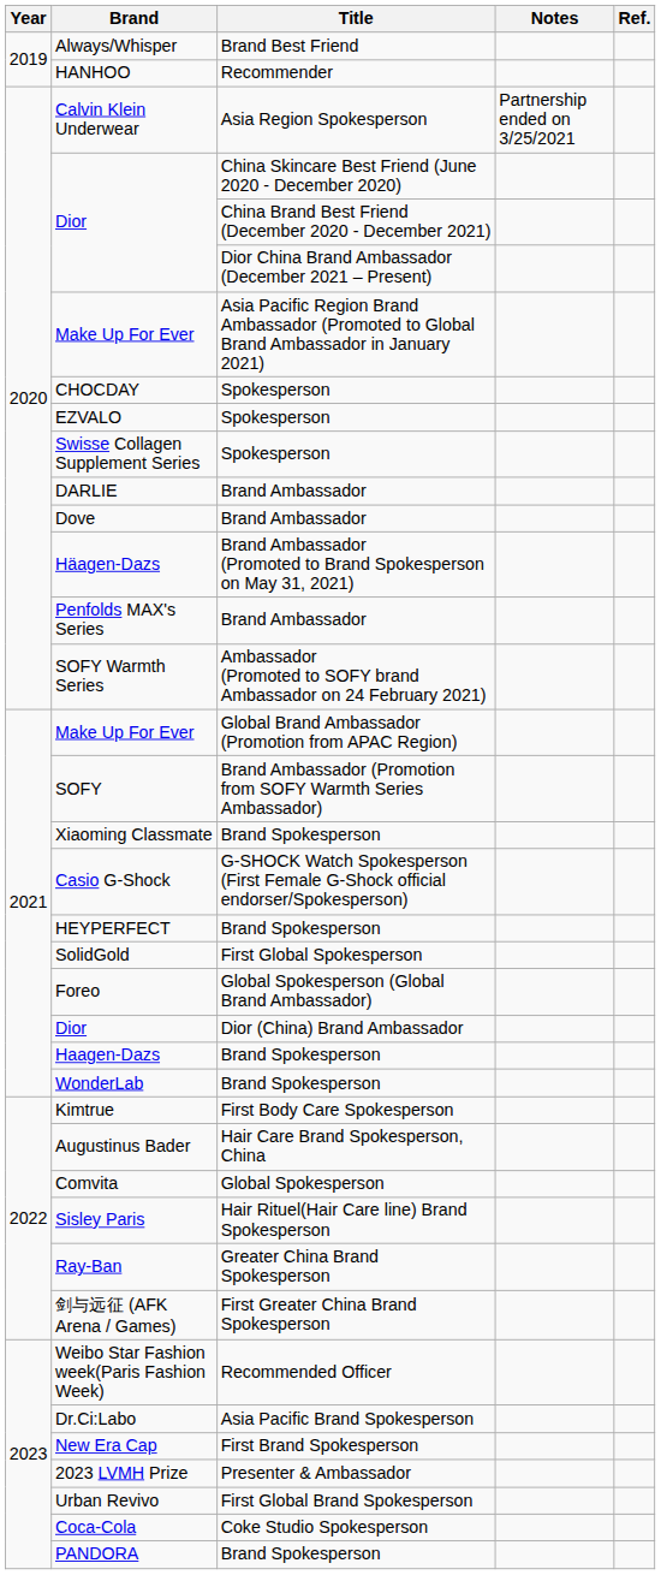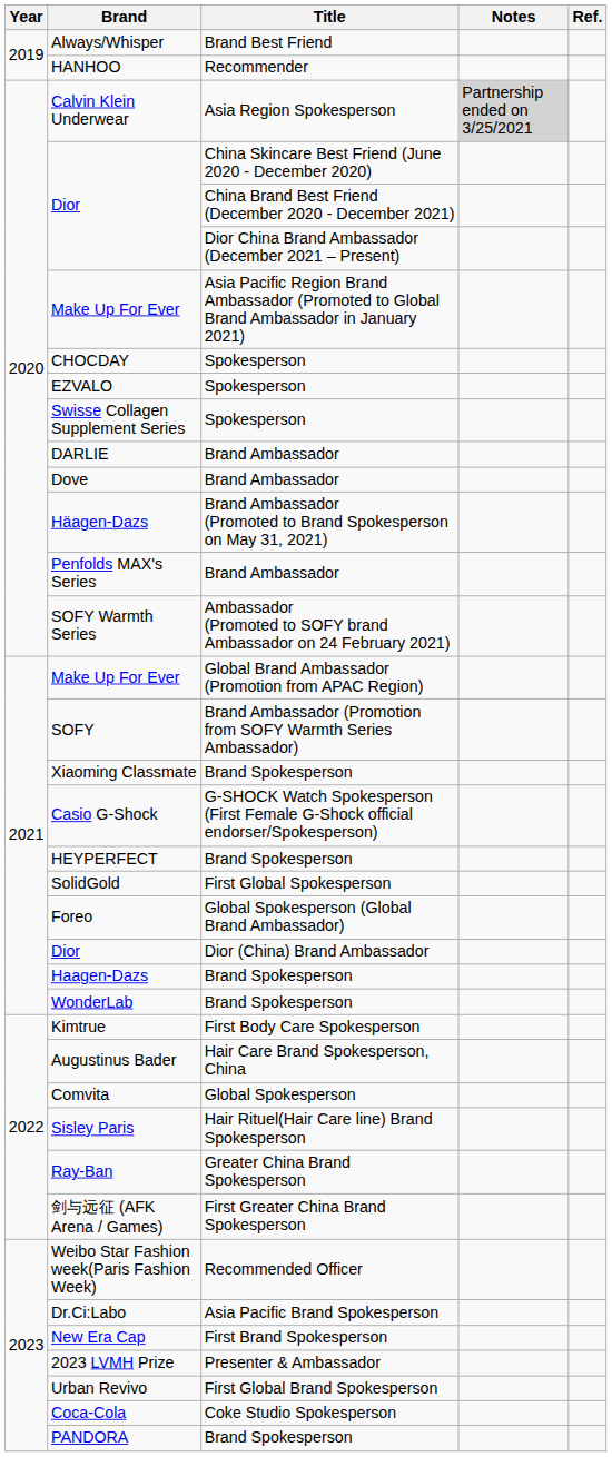 <table class="wikitable">
 <tr>
 <th>Year</th>
 <th>Brand</th>
 <th>Title</th>
 <th>Notes</th>
 <th>Ref.</th>
 </tr>
 <tr>
 <td rowspan="2">2019</td>
 <td>Always/Whisper</td>
 <td>Brand Best Friend</td>
 <td></td>
 <td></td>
 </tr>
 <tr>
 <td>HANHOO</td>
 <td>Recommender</td>
 <td></td>
 <td></td>
 </tr>
 <tr>
 <td rowspan="13">2020</td>
 <td><a href='#'>Calvin Klein</a> Underwear</td>
 <td>Asia Region Spokesperson</td>
-<td>Partnership ended on 3/25/2021</td>
+<td style="background: lightgrey;">Partnership ended on 3/25/2021</td>
 <td></td>
 </tr>
 <tr>
 <td rowspan="3"><a href='#'>Dior</a></td>
 <td>China Skincare Best Friend (June 2020 - December 2020)</td>
 <td></td>
 <td></td>
 </tr>
 <tr>
 <td>China Brand Best Friend (December 2020 - December 2021)</td>
 <td></td>
 <td></td>
 </tr>
 <tr>
 <td>Dior China Brand Ambassador<br>(December 2021 – Present)</td>
 <td></td>
 <td></td>
 </tr>
 <tr>
 <td><a href='#'>Make Up For Ever</a></td>
 <td>Asia Pacific Region Brand Ambassador (Promoted to Global Brand Ambassador in January 2021)</td>
 <td></td>
 <td></td>
 </tr>
 <tr>
 <td>CHOCDAY</td>
 <td>Spokesperson</td>
 <td></td>
 <td></td>
 </tr>
 <tr>
 <td>EZVALO</td>
 <td>Spokesperson</td>
 <td></td>
 <td></td>
 </tr>
 <tr>
 <td><a href='#'>Swisse</a> Collagen Supplement Series</td>
 <td>Spokesperson</td>
 <td></td>
 <td></td>
 </tr>
 <tr>
 <td>DARLIE</td>
 <td>Brand Ambassador</td>
 <td></td>
 <td></td>
 </tr>
 <tr>
 <td>Dove</td>
 <td>Brand Ambassador</td>
 <td></td>
 <td></td>
 </tr>
 <tr>
 <td><a href='#'>Häagen-Dazs</a></td>
 <td>Brand Ambassador<br>(Promoted to Brand Spokesperson on May 31, 2021)</td>
 <td></td>
 <td></td>
 </tr>
 <tr>
 <td><a href='#'>Penfolds</a> MAX's Series</td>
 <td>Brand Ambassador</td>
 <td></td>
 <td></td>
 </tr>
 <tr>
 <td>SOFY Warmth Series</td>
 <td>Ambassador<br>(Promoted to SOFY brand Ambassador on 24 February 2021)</td>
 <td></td>
 <td></td>
 </tr>
 <tr>
 <td rowspan= "10">2021</td>
 <td><a href='#'>Make Up For Ever</a></td>
 <td>Global Brand Ambassador (Promotion from APAC Region)</td>
 <td></td>
 <td></td>
 </tr>
 <tr>
 <td>SOFY</td>
 <td>Brand Ambassador (Promotion from SOFY Warmth Series Ambassador)</td>
 <td></td>
 <td></td>
 </tr>
 <tr>
 <td>Xiaoming Classmate</td>
 <td>Brand Spokesperson</td>
 <td></td>
 <td></td>
 </tr>
 <tr>
 <td><a href='#'>Casio</a> G-Shock</td>
 <td>G-SHOCK Watch Spokesperson (First Female G-Shock official endorser/Spokesperson)</td>
 <td></td>
 <td></td>
 </tr>
 <tr>
 <td>HEYPERFECT</td>
 <td>Brand Spokesperson</td>
 <td></td>
 <td></td>
 </tr>
 <tr>
 <td>SolidGold</td>
 <td>First Global Spokesperson</td>
 <td></td>
 <td></td>
 </tr>
 <tr>
 <td>Foreo</td>
 <td>Global Spokesperson (Global Brand Ambassador)</td>
 <td></td>
 <td></td>
 </tr>
 <tr>
 <td><a href='#'>Dior</a></td>
 <td>Dior (China) Brand Ambassador</td>
 <td></td>
 <td></td>
 </tr>
 <tr>
 <td><a href='#'>Haagen-Dazs</a></td>
 <td>Brand Spokesperson</td>
 <td></td>
 <td></td>
 </tr>
 <tr>
 <td><a href='#'>WonderLab</a></td>
 <td>Brand Spokesperson</td>
 <td></td>
 <td></td>
 </tr>
 <tr>
 <td rowspan= "6">2022</td>
 <td>Kimtrue</td>
 <td>First Body Care Spokesperson</td>
 <td></td>
 <td></td>
 </tr>
 <tr>
 <td>Augustinus Bader</td>
 <td>Hair Care Brand Spokesperson, China</td>
 <td></td>
 <td></td>
 </tr>
 <tr>
 <td>Comvita</td>
 <td>Global Spokesperson</td>
 <td></td>
 <td></td>
 </tr>
 <tr>
 <td><a href='#'>Sisley Paris</a></td>
 <td>Hair Rituel(Hair Care line) Brand Spokesperson</td>
 <td></td>
 <td></td>
 </tr>
 <tr>
 <td><a href='#'>Ray-Ban</a></td>
 <td>Greater China Brand Spokesperson</td>
 <td></td>
 <td></td>
 </tr>
 <tr>
 <td>剑与远征 (AFK Arena / Games)</td>
 <td>First Greater China Brand Spokesperson</td>
 <td></td>
 <td></td>
 </tr>
 <tr>
 <td rowspan= "7">2023</td>
 <td>Weibo Star Fashion week(Paris Fashion Week)</td>
 <td>Recommended Officer</td>
 <td></td>
 <td></td>
 </tr>
 <tr>
 <td>Dr.Ci:Labo</td>
 <td>Asia Pacific Brand Spokesperson</td>
 <td></td>
 <td></td>
 </tr>
 <tr>
 <td><a href='#'>New Era Cap</a></td>
 <td>First Brand Spokesperson</td>
 <td></td>
 <td></td>
 </tr>
 <tr>
 <td>2023 <a href='#'>LVMH</a> Prize</td>
 <td>Presenter & Ambassador</td>
 <td></td>
 <td></td>
 </tr>
 <tr>
 <td>Urban Revivo</td>
 <td>First Global Brand Spokesperson</td>
 <td></td>
 <td></td>
 </tr>
 <tr>
 <td><a href='#'>Coca-Cola</a></td>
 <td>Coke Studio Spokesperson</td>
 <td></td>
 <td></td>
 </tr>
 <tr>
 <td><a href='#'>PANDORA</a></td>
 <td>Brand Spokesperson</td>
 <td></td>
 <td></td>
 </tr>
 </table>
